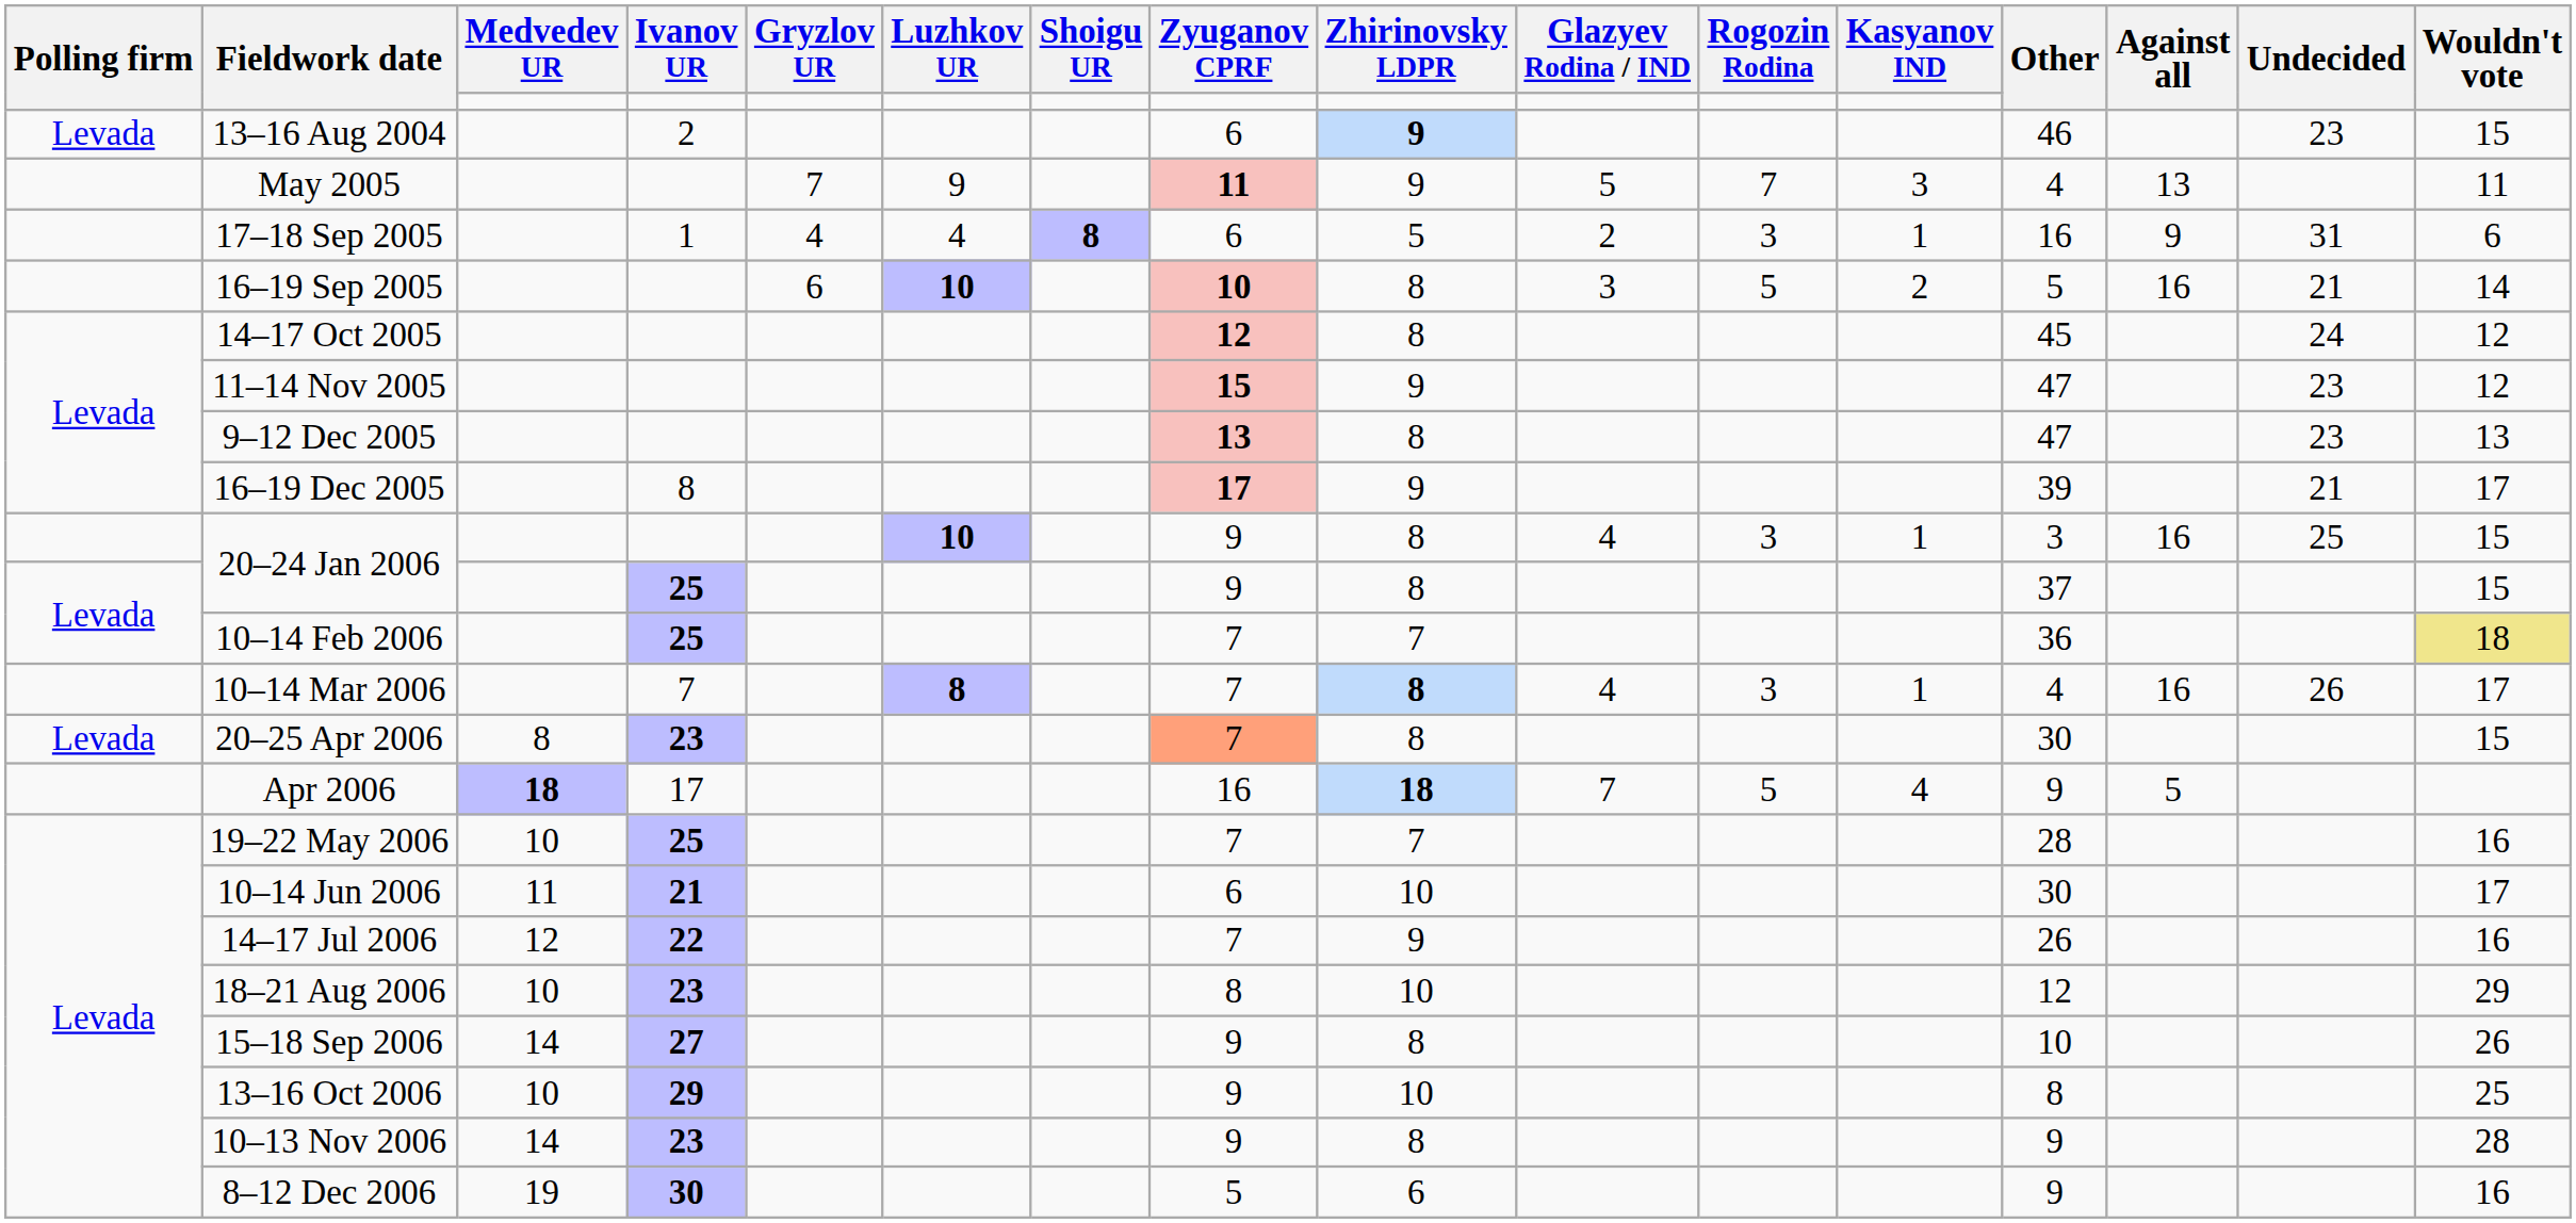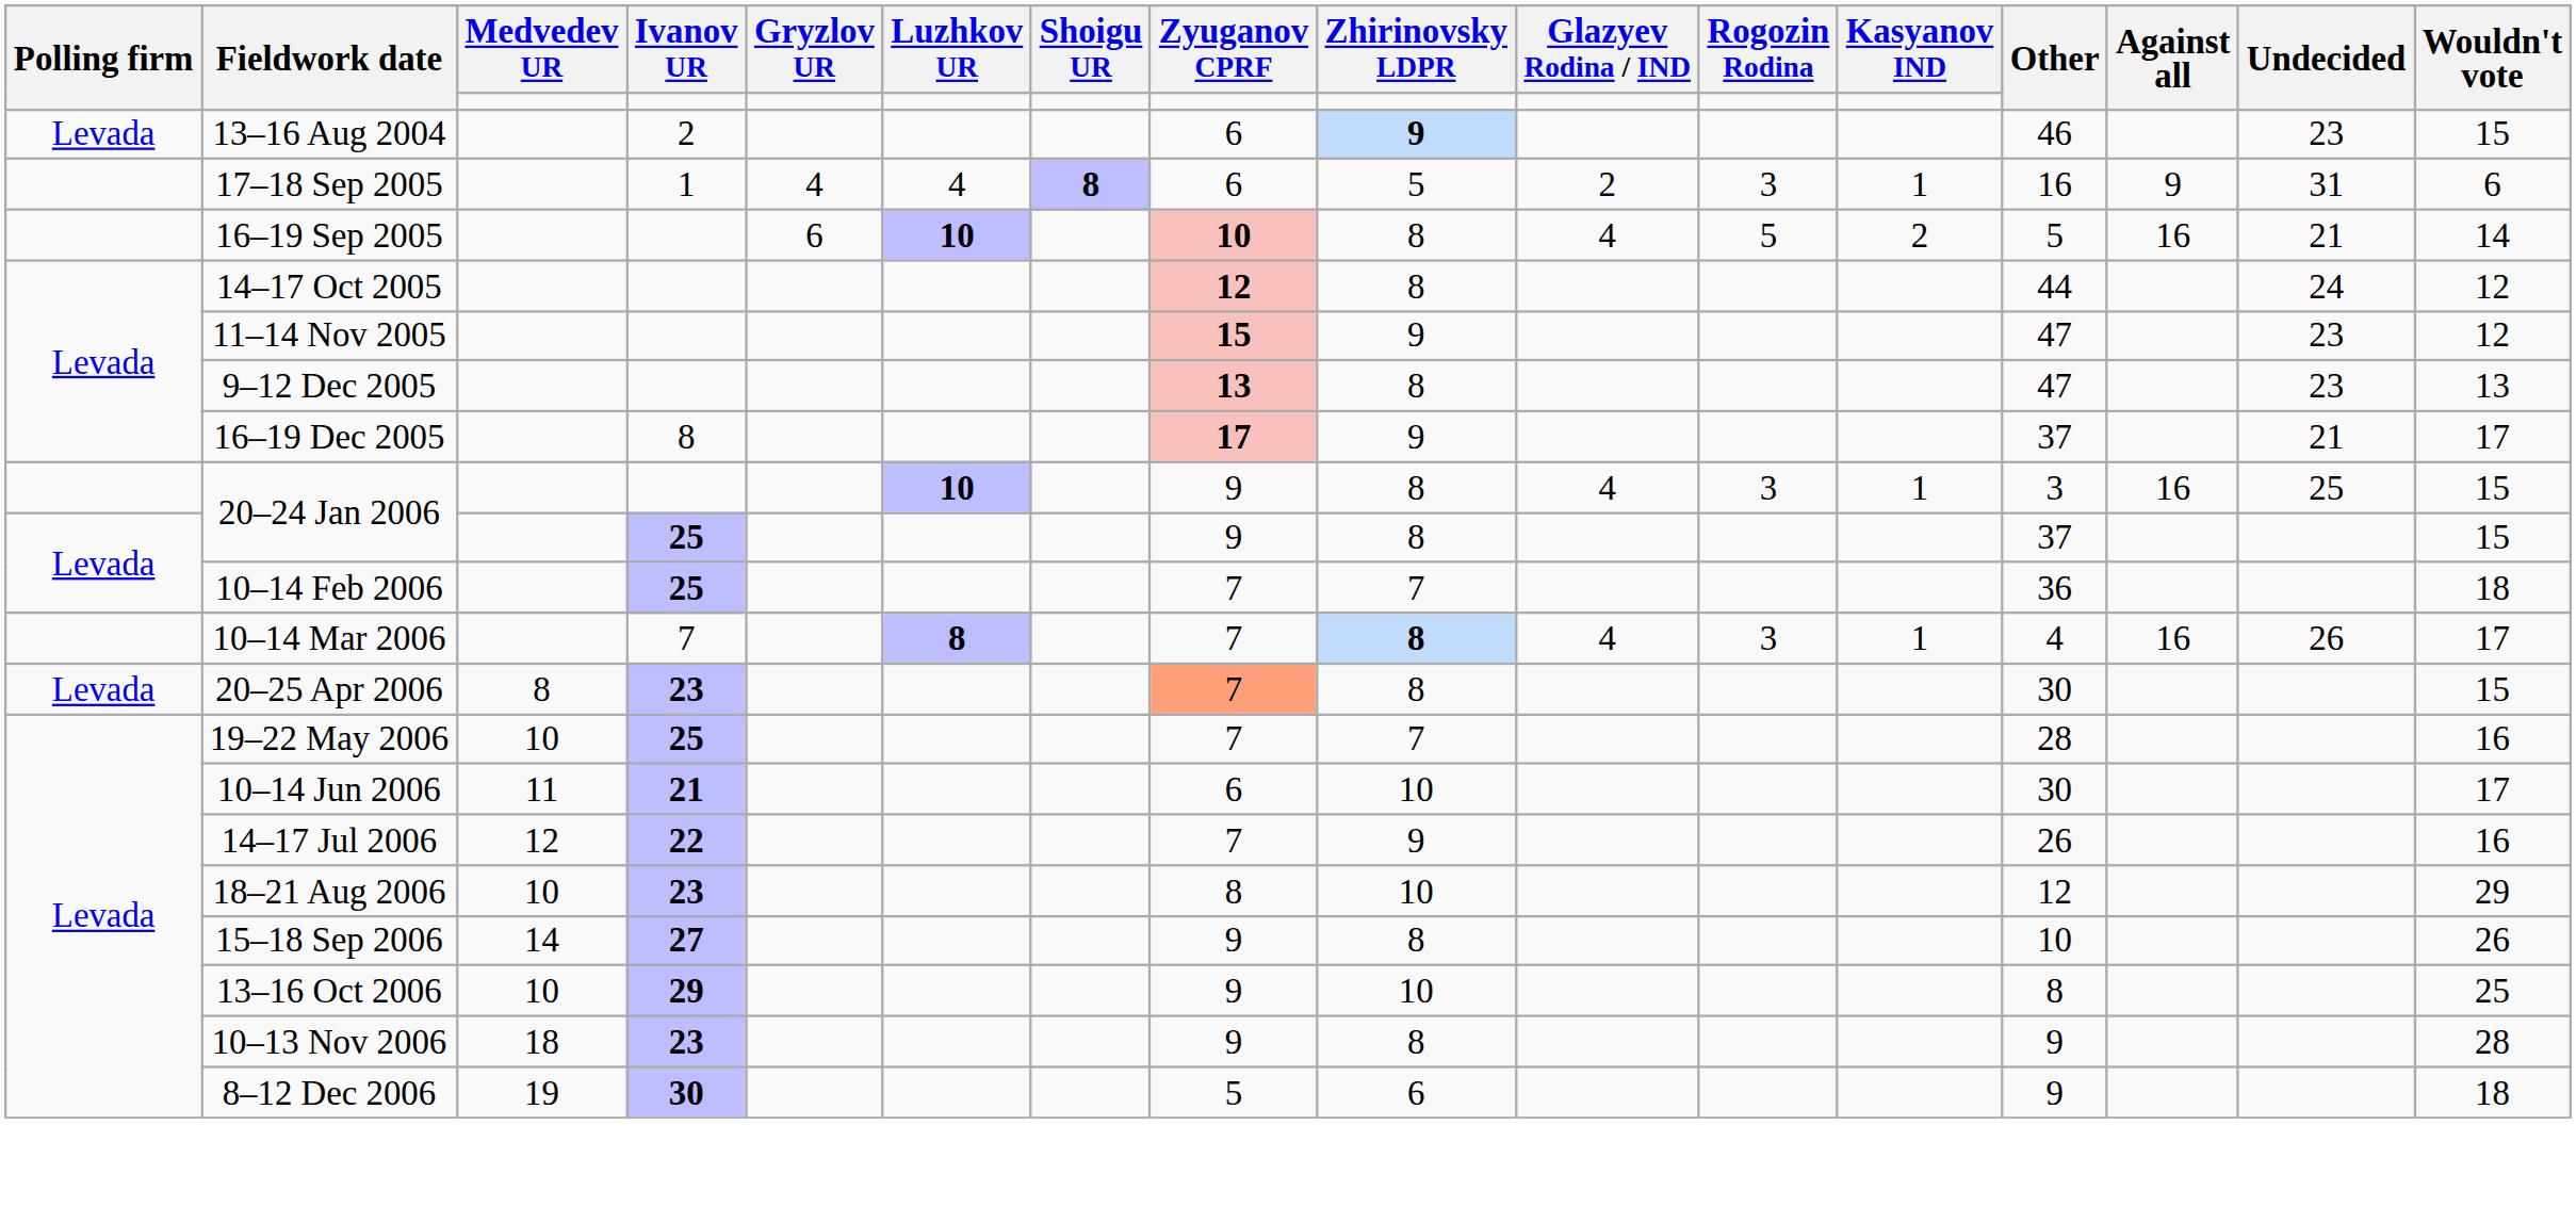 <table class="wikitable" style="text-align:center; font-size:90%; line-height:14px">
 <tr>
 <th rowspan=2>Polling firm</th>
 <th rowspan=2>Fieldwork date</th>
 <th><a href='#'>Medvedev</a><br><small><a href='#'>UR</a></small></th>
 <th><a href='#'>Ivanov</a><br><small><a href='#'>UR</a></small></th>
 <th><a href='#'>Gryzlov</a><br><small><a href='#'>UR</a></small></th>
 <th><a href='#'>Luzhkov</a><br><small><a href='#'>UR</a></small></th>
 <th><a href='#'>Shoigu</a><br><small><a href='#'>UR</a></small></th>
 <th><a href='#'>Zyuganov</a><br><small><a href='#'>CPRF</a></small></th>
 <th><a href='#'>Zhirinovsky</a><br><small><a href='#'>LDPR</a></small></th>
 <th><a href='#'>Glazyev</a><br><small><a href='#'>Rodina</a> / <a href='#'>IND</a></small></th>
 <th><a href='#'>Rogozin</a><br><small><a href='#'>Rodina</a></small></th>
 <th><a href='#'>Kasyanov</a><br><small><a href='#'>IND</a></small></th>
 <th rowspan="2">Other</th>
 <th rowspan="2">Against<br>all</th>
 <th rowspan="2">Undecided</th>
 <th rowspan=2>Wouldn't<br>vote</th>
 </tr>
 <tr>
 <td></td>
 <td></td>
 <td></td>
 <td></td>
 <td></td>
 <td></td>
 <td></td>
 <td></td>
 <td></td>
 <td></td>
 </tr>
 <tr>
 <td><a href='#'>Levada</a></td>
 <td>13–16 Aug 2004</td>
 <td></td>
 <td>2</td>
 <td></td>
 <td></td>
 <td></td>
 <td>6</td>
 <th style="background:#C0DBFC">9</th>
 <td></td>
 <td></td>
 <td></td>
 <td>46</td>
 <td></td>
 <td>23</td>
 <td>15</td>
 </tr>
 <tr>
 <td></td>
-<td>May 2005</td>
-<td></td>
-<td></td>
-<td>7</td>
-<td>9</td>
-<td></td>
-<th style="background:#F8C1BE">11</th>
-<td>9</td>
-<td>5</td>
-<td>7</td>
-<td>3</td>
-<td>4</td>
-<td>13</td>
-<td></td>
-<td>11</td>
-</tr>
-<tr>
-<td></td>
 <td>17–18 Sep 2005</td>
 <td></td>
 <td>1</td>
 <td>4</td>
 <td>4</td>
 <th style="background:#BDBDFF">8</th>
 <td>6</td>
 <td>5</td>
 <td>2</td>
 <td>3</td>
 <td>1</td>
 <td>16</td>
 <td>9</td>
 <td>31</td>
 <td>6</td>
 </tr>
 <tr>
 <td></td>
 <td>16–19 Sep 2005</td>
 <td></td>
 <td></td>
 <td>6</td>
 <th style="background:#BDBDFF">10</th>
 <td></td>
 <th style="background:#F8C1BE">10</th>
 <td>8</td>
-<td>3</td>
+<td>4</td>
 <td>5</td>
 <td>2</td>
 <td>5</td>
 <td>16</td>
 <td>21</td>
 <td>14</td>
 </tr>
 <tr>
 <td rowspan="4"><a href='#'>Levada</a></td>
 <td>14–17 Oct 2005</td>
 <td></td>
 <td></td>
 <td></td>
 <td></td>
 <td></td>
 <th style="background:#F8C1BE">12</th>
 <td>8</td>
 <td></td>
 <td></td>
 <td></td>
-<td>45</td>
+<td>44</td>
 <td></td>
 <td>24</td>
 <td>12</td>
 </tr>
 <tr>
 <td>11–14 Nov 2005</td>
 <td></td>
 <td></td>
 <td></td>
 <td></td>
 <td></td>
 <th style="background:#F8C1BE">15</th>
 <td>9</td>
 <td></td>
 <td></td>
 <td></td>
 <td>47</td>
 <td></td>
 <td>23</td>
 <td>12</td>
 </tr>
 <tr>
 <td>9–12 Dec 2005</td>
 <td></td>
 <td></td>
 <td></td>
 <td></td>
 <td></td>
 <th style="background:#F8C1BE">13</th>
 <td>8</td>
 <td></td>
 <td></td>
 <td></td>
 <td>47</td>
 <td></td>
 <td>23</td>
 <td>13</td>
 </tr>
 <tr>
 <td>16–19 Dec 2005</td>
 <td></td>
 <td>8</td>
 <td></td>
 <td></td>
 <td></td>
 <th style="background:#F8C1BE">17</th>
 <td>9</td>
 <td></td>
 <td></td>
 <td></td>
-<td>39</td>
+<td>37</td>
 <td></td>
 <td>21</td>
 <td>17</td>
 </tr>
 <tr>
 <td></td>
 <td rowspan="2">20–24 Jan 2006</td>
 <td></td>
 <td></td>
 <td></td>
 <th style="background:#BDBDFF">10</th>
 <td></td>
 <td>9</td>
 <td>8</td>
 <td>4</td>
 <td>3</td>
 <td>1</td>
 <td>3</td>
 <td>16</td>
 <td>25</td>
 <td>15</td>
 </tr>
 <tr>
 <td rowspan="2"><a href='#'>Levada</a></td>
 <td></td>
 <th style="background:#BDBDFF">25</th>
 <td></td>
 <td></td>
 <td></td>
 <td>9</td>
 <td>8</td>
 <td></td>
 <td></td>
 <td></td>
 <td>37</td>
 <td></td>
 <td></td>
 <td>15</td>
 </tr>
 <tr>
 <td>10–14 Feb 2006</td>
 <td></td>
 <th style="background:#BDBDFF">25</th>
 <td></td>
 <td></td>
 <td></td>
 <td>7</td>
 <td>7</td>
 <td></td>
 <td></td>
 <td></td>
 <td>36</td>
 <td></td>
 <td></td>
-<td style="background: khaki;">18</td>
+<td>18</td>
 </tr>
 <tr>
 <td></td>
 <td>10–14 Mar 2006</td>
 <td></td>
 <td>7</td>
 <td></td>
 <th style="background:#BDBDFF">8</th>
 <td></td>
 <td>7</td>
 <th style="background:#C0DBFC">8</th>
 <td>4</td>
 <td>3</td>
 <td>1</td>
 <td>4</td>
 <td>16</td>
 <td>26</td>
 <td>17</td>
 </tr>
 <tr>
 <td><a href='#'>Levada</a></td>
 <td>20–25 Apr 2006</td>
 <td>8</td>
 <th style="background:#BDBDFF">23</th>
 <td></td>
 <td></td>
 <td></td>
 <td style="background: lightsalmon;">7</td>
 <td>8</td>
 <td></td>
 <td></td>
 <td></td>
 <td>30</td>
 <td></td>
 <td></td>
 <td>15</td>
-</tr>
-<tr>
-<td></td>
-<td>Apr 2006</td>
-<th style="background:#BDBDFF">18</th>
-<td>17</td>
-<td></td>
-<td></td>
-<td></td>
-<td>16</td>
-<th style="background:#C0DBFC">18</th>
-<td>7</td>
-<td>5</td>
-<td>4</td>
-<td>9</td>
-<td>5</td>
-<td></td>
-<td></td>
 </tr>
 <tr>
 <td rowspan="8"><a href='#'>Levada</a></td>
 <td>19–22 May 2006</td>
 <td>10</td>
 <th style="background:#BDBDFF">25</th>
 <td></td>
 <td></td>
 <td></td>
 <td>7</td>
 <td>7</td>
 <td></td>
 <td></td>
 <td></td>
 <td>28</td>
 <td></td>
 <td></td>
 <td>16</td>
 </tr>
 <tr>
 <td>10–14 Jun 2006</td>
 <td>11</td>
 <th style="background:#BDBDFF">21</th>
 <td></td>
 <td></td>
 <td></td>
 <td>6</td>
 <td>10</td>
 <td></td>
 <td></td>
 <td></td>
 <td>30</td>
 <td></td>
 <td></td>
 <td>17</td>
 </tr>
 <tr>
 <td>14–17 Jul 2006</td>
 <td>12</td>
 <th style="background:#BDBDFF">22</th>
 <td></td>
 <td></td>
 <td></td>
 <td>7</td>
 <td>9</td>
 <td></td>
 <td></td>
 <td></td>
 <td>26</td>
 <td></td>
 <td></td>
 <td>16</td>
 </tr>
 <tr>
 <td>18–21 Aug 2006</td>
 <td>10</td>
 <th style="background:#BDBDFF">23</th>
 <td></td>
 <td></td>
 <td></td>
 <td>8</td>
 <td>10</td>
 <td></td>
 <td></td>
 <td></td>
 <td>12</td>
 <td></td>
 <td></td>
 <td>29</td>
 </tr>
 <tr>
 <td>15–18 Sep 2006</td>
 <td>14</td>
 <th style="background:#BDBDFF">27</th>
 <td></td>
 <td></td>
 <td></td>
 <td>9</td>
 <td>8</td>
 <td></td>
 <td></td>
 <td></td>
 <td>10</td>
 <td></td>
 <td></td>
 <td>26</td>
 </tr>
 <tr>
 <td>13–16 Oct 2006</td>
 <td>10</td>
 <th style="background:#BDBDFF">29</th>
 <td></td>
 <td></td>
 <td></td>
 <td>9</td>
 <td>10</td>
 <td></td>
 <td></td>
 <td></td>
 <td>8</td>
 <td></td>
 <td></td>
 <td>25</td>
 </tr>
 <tr>
 <td>10–13 Nov 2006</td>
-<td>14</td>
+<td>18</td>
 <th style="background:#BDBDFF">23</th>
 <td></td>
 <td></td>
 <td></td>
 <td>9</td>
 <td>8</td>
 <td></td>
 <td></td>
 <td></td>
 <td>9</td>
 <td></td>
 <td></td>
 <td>28</td>
 </tr>
 <tr>
 <td>8–12 Dec 2006</td>
 <td>19</td>
 <th style="background:#BDBDFF">30</th>
 <td></td>
 <td></td>
 <td></td>
 <td>5</td>
 <td>6</td>
 <td></td>
 <td></td>
 <td></td>
 <td>9</td>
 <td></td>
 <td></td>
-<td>16</td>
+<td>18</td>
 </tr>
 </table>
